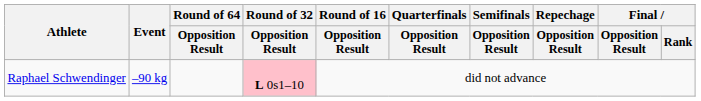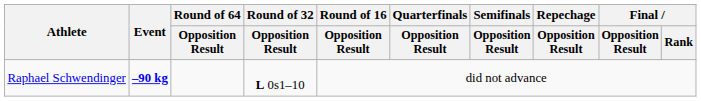 <table class="wikitable" style="text-align:center; font-size:90%">
 <tr>
 <th rowspan=2>Athlete</th>
 <th rowspan=2>Event</th>
 <th>Round of 64</th>
 <th>Round of 32</th>
 <th>Round of 16</th>
 <th>Quarterfinals</th>
 <th>Semifinals</th>
 <th>Repechage</th>
 <th colspan=2>Final / </th>
 </tr>
 <tr style="font-size:95%">
 <th>Opposition<br>Result</th>
 <th>Opposition<br>Result</th>
 <th>Opposition<br>Result</th>
 <th>Opposition<br>Result</th>
 <th>Opposition<br>Result</th>
 <th>Opposition<br>Result</th>
 <th>Opposition<br>Result</th>
 <th>Rank</th>
 </tr>
 <tr>
 <td align=left><a href='#'>Raphael Schwendinger</a></td>
-<td align=left><a href='#'>–90 kg</a></td>
+<td align=left><strong><a href='#'>–90 kg</a></strong></td>
 <td></td>
-<td style="background: pink;"><br><strong>L</strong> 0s1–10</td>
+<td><br><strong>L</strong> 0s1–10</td>
 <td colspan=6>did not advance</td>
 </tr>
 </table>
